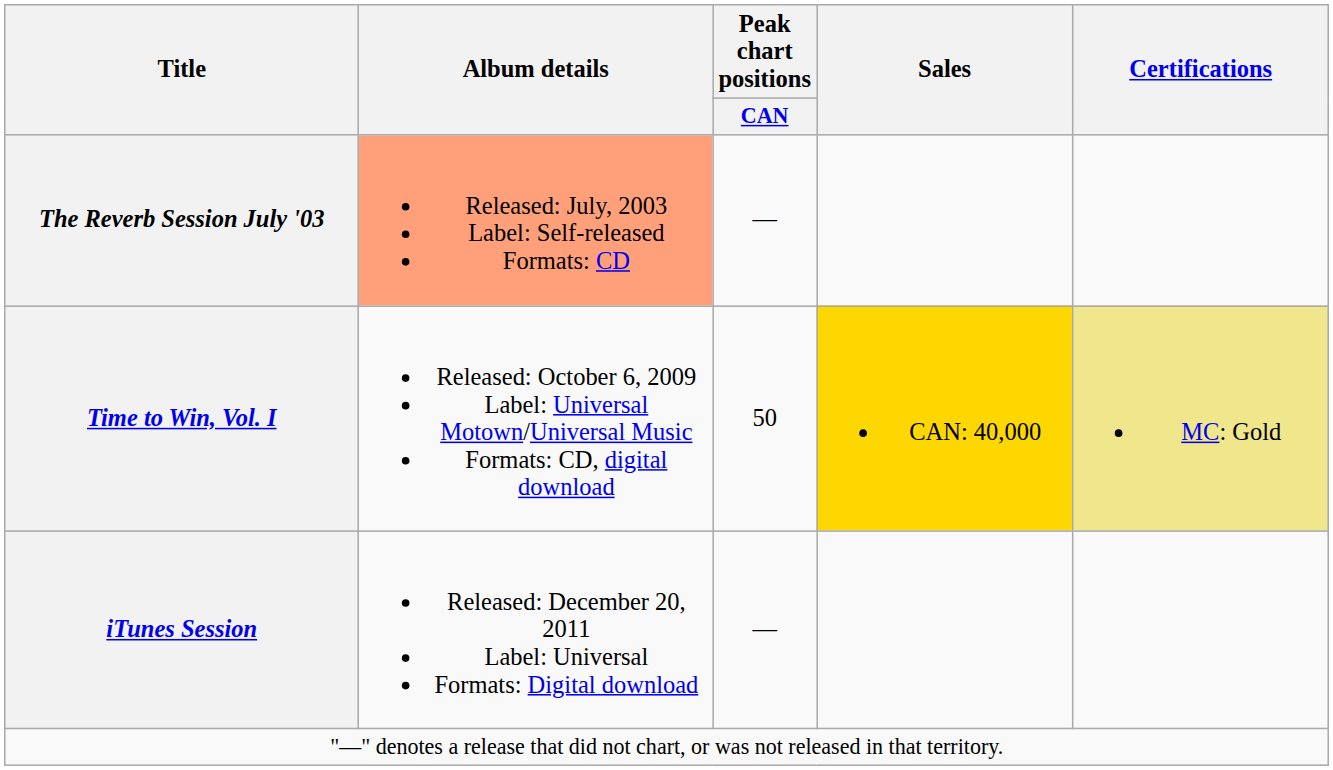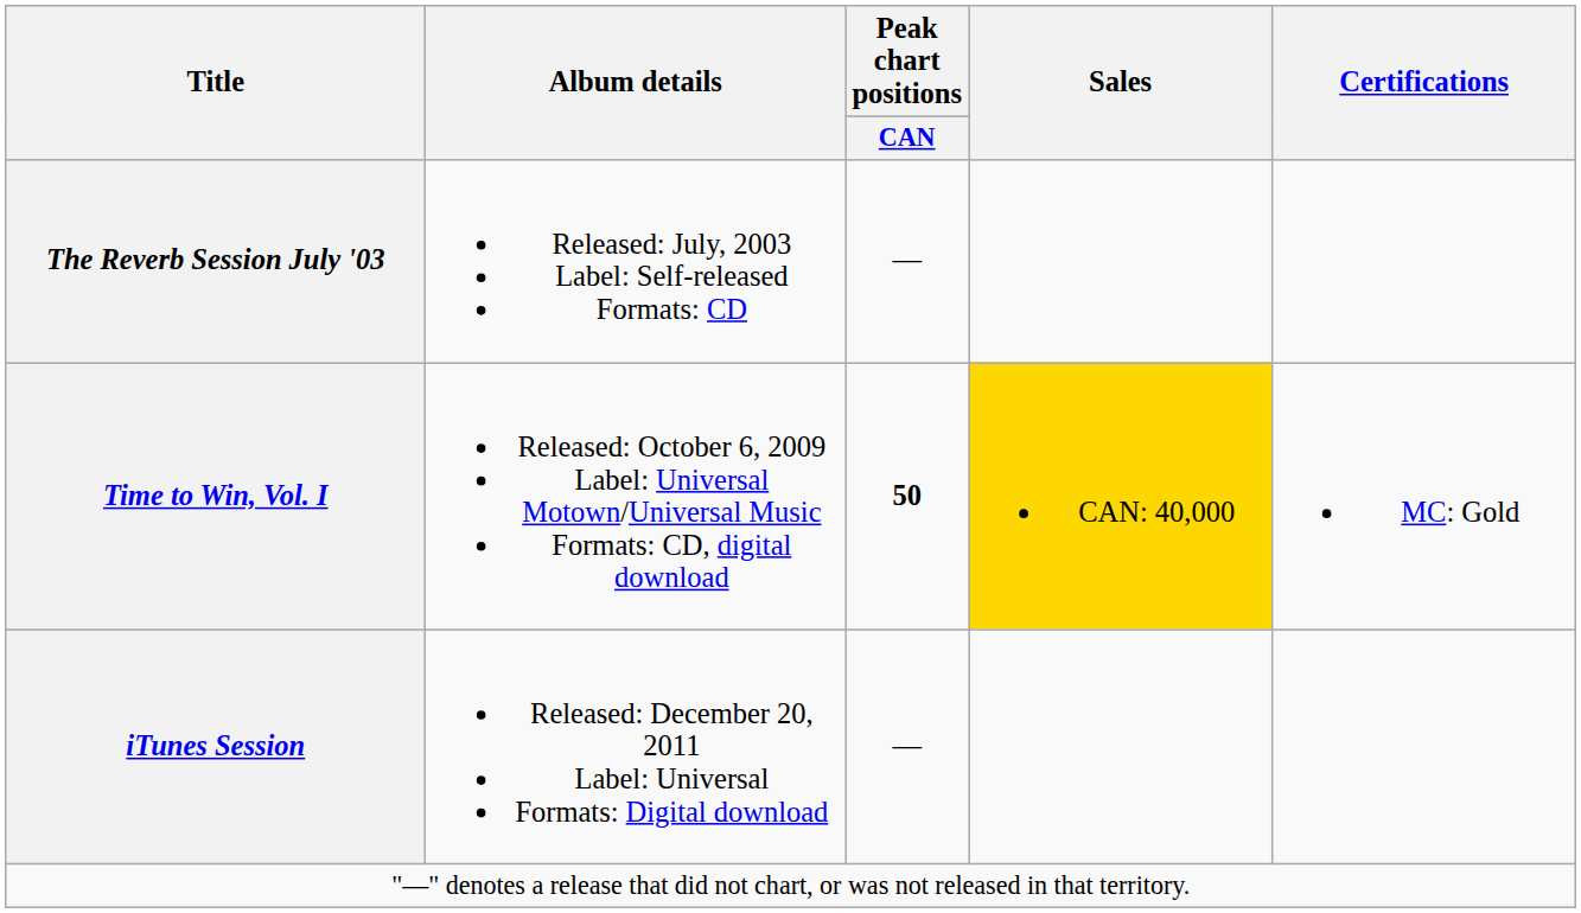 <table class="wikitable plainrowheaders" style="text-align:center;" border="1">
 <tr>
 <th scope="col" rowspan="2" style="width:14em;">Title</th>
 <th scope="col" rowspan="2" style="width:14em;">Album details</th>
 <th scope="col">Peak chart positions</th>
 <th scope="col" rowspan="2" style="width:10em;">Sales</th>
 <th scope="col" rowspan="2" style="width:10em;"><a href='#'>Certifications</a></th>
 </tr>
 <tr>
 <th scope="col" style="width:3em;font-size:90%;"><a href='#'>CAN</a><br></th>
 </tr>
 <tr>
 <th scope="row"><em>The Reverb Session July '03</em></th>
-<td style="background: lightsalmon;"><br><ul><li>Released: July, 2003</li><li>Label: Self-released</li><li>Formats: <a href='#'>CD</a></li></ul></td>
+<td><br><ul><li>Released: July, 2003</li><li>Label: Self-released</li><li>Formats: <a href='#'>CD</a></li></ul></td>
 <td>—</td>
 <td></td>
 </tr>
 <tr>
 <th scope="row"><em><a href='#'>Time to Win, Vol. I</a></em></th>
 <td><br><ul><li>Released: October 6, 2009</li><li>Label: <a href='#'>Universal Motown</a>/<a href='#'>Universal Music</a></li><li>Formats: CD, <a href='#'>digital download</a></li></ul></td>
-<td>50</td>
+<td><strong>50</strong></td>
 <td style="background: gold;"><br><ul><li>CAN: 40,000</li></ul></td>
-<td style="background: khaki;"><br><ul><li><a href='#'>MC</a>: Gold</li></ul></td>
+<td><br><ul><li><a href='#'>MC</a>: Gold</li></ul></td>
 </tr>
 <tr>
 <th scope="row"><em><a href='#'>iTunes Session</a></em></th>
 <td><br><ul><li>Released: December 20, 2011</li><li>Label: Universal</li><li>Formats: <a href='#'>Digital download</a></li></ul></td>
 <td>—</td>
 <td></td>
 <td></td>
 </tr>
 <tr>
 <td colspan="14" style="font-size:90%">"—" denotes a release that did not chart, or was not released in that territory.</td>
 </tr>
 </table>
